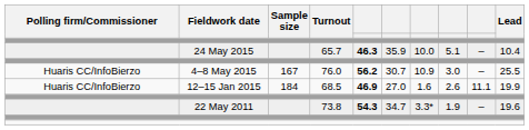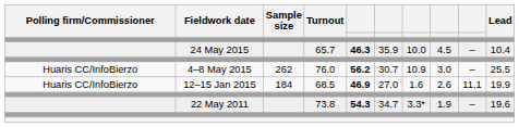 <table class="wikitable collapsible collapsed" style="text-align:center; font-size:95%; line-height:16px;">
 <tr style="height:42px;">
 <th style="width:250px;" rowspan="2">Polling firm/Commissioner</th>
 <th style="width:125px;" rowspan="2">Fieldwork date</th>
 <th style="width:50px;" rowspan="2">Sample size</th>
 <th style="width:45px;" rowspan="2">Turnout</th>
 <th style="width:35px;"></th>
 <th style="width:35px;"></th>
 <th style="width:35px;"></th>
 <th style="width:35px;"></th>
 <th style="width:35px;"></th>
 <th style="width:30px;" rowspan="2">Lead</th>
 </tr>
 <tr>
 <th style="color:inherit;background:"></th>
 <th style="color:inherit;background:"></th>
 <th style="color:inherit;background:"></th>
 <th style="color:inherit;background:"></th>
 <th style="color:inherit;background:"></th>
 </tr>
 <tr>
 <td colspan="10" style="background:#A0A0A0"></td>
 </tr>
 <tr style="background:#EFEFEF;">
 <td><strong></strong></td>
 <td>24 May 2015</td>
 <td></td>
 <td>65.7</td>
 <td><strong>46.3</strong><br></td>
 <td>35.9<br></td>
 <td>10.0<br></td>
-<td>5.1<br></td>
+<td>4.5<br></td>
 <td>–</td>
 <td style="background:">10.4</td>
 </tr>
 <tr>
 <td colspan="10" style="background:#A0A0A0"></td>
 </tr>
 <tr>
 <td>Huaris CC/InfoBierzo</td>
 <td>4–8 May 2015</td>
-<td>167</td>
+<td>262</td>
 <td>76.0</td>
 <td><strong>56.2</strong><br></td>
 <td>30.7<br></td>
 <td>10.9<br></td>
 <td>3.0<br></td>
 <td>–</td>
 <td style="background:">25.5</td>
 </tr>
 <tr>
 <td>Huaris CC/InfoBierzo</td>
 <td>12–15 Jan 2015</td>
 <td>184</td>
 <td>68.5</td>
 <td><strong>46.9</strong></td>
 <td>27.0</td>
 <td>1.6</td>
 <td>2.6</td>
 <td>11.1</td>
 <td style="background:">19.9</td>
 </tr>
 <tr>
 <td colspan="10" style="background:#A0A0A0"></td>
 </tr>
 <tr style="background:#EFEFEF;">
 <td><strong></strong></td>
 <td>22 May 2011</td>
 <td></td>
 <td>73.8</td>
 <td><strong>54.3</strong><br></td>
 <td>34.7<br></td>
 <td>3.3*<br></td>
 <td>1.9<br></td>
 <td>–</td>
 <td style="background:">19.6</td>
 </tr>
 <tr>
 <td colspan="10" style="background:#A0A0A0"></td>
 </tr>
 <tr>
 <td align="left" colspan="10"></td>
 </tr>
 </table>
